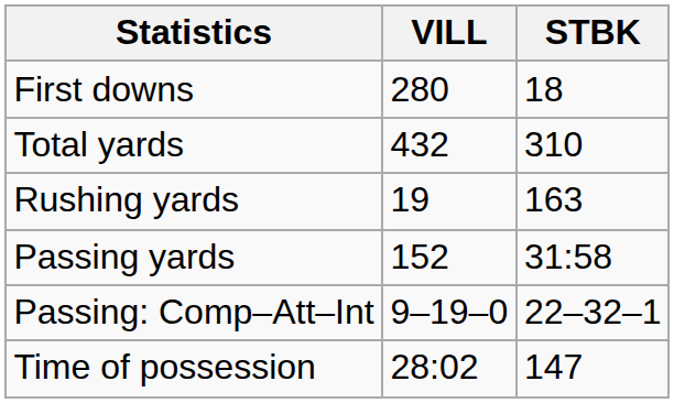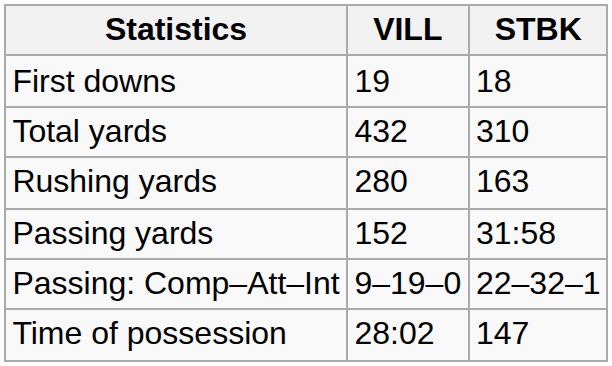 <table class="wikitable" style="float: left;">
 <tr>
 <th>Statistics</th>
 <th>VILL</th>
 <th>STBK</th>
 </tr>
 <tr>
 <td>First downs</td>
-<td>280</td>
+<td>19</td>
 <td>18</td>
 </tr>
 <tr>
 <td>Total yards</td>
 <td>432</td>
 <td>310</td>
 </tr>
 <tr>
 <td>Rushing yards</td>
-<td>19</td>
+<td>280</td>
 <td>163</td>
 </tr>
 <tr>
 <td>Passing yards</td>
 <td>152</td>
 <td>31:58</td>
 </tr>
 <tr>
 <td>Passing: Comp–Att–Int</td>
 <td>9–19–0</td>
 <td>22–32–1</td>
 </tr>
 <tr>
 <td>Time of possession</td>
 <td>28:02</td>
 <td>147</td>
 </tr>
 <tr>
 </tr>
 </table>
